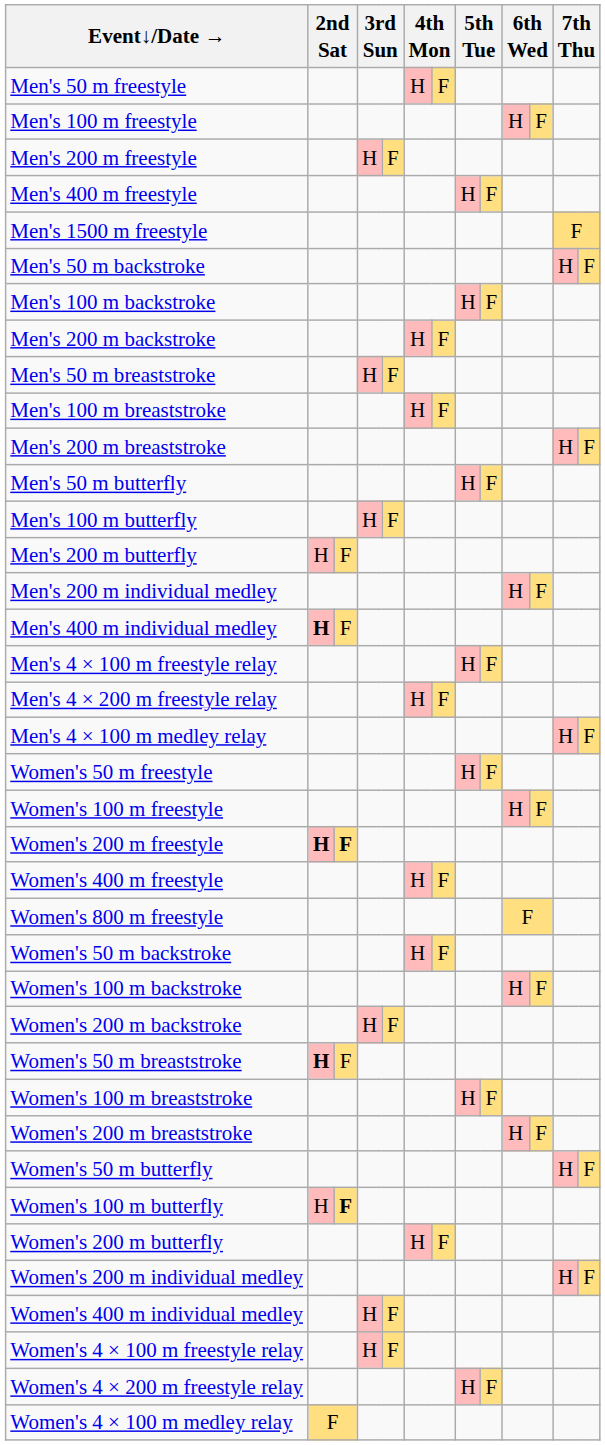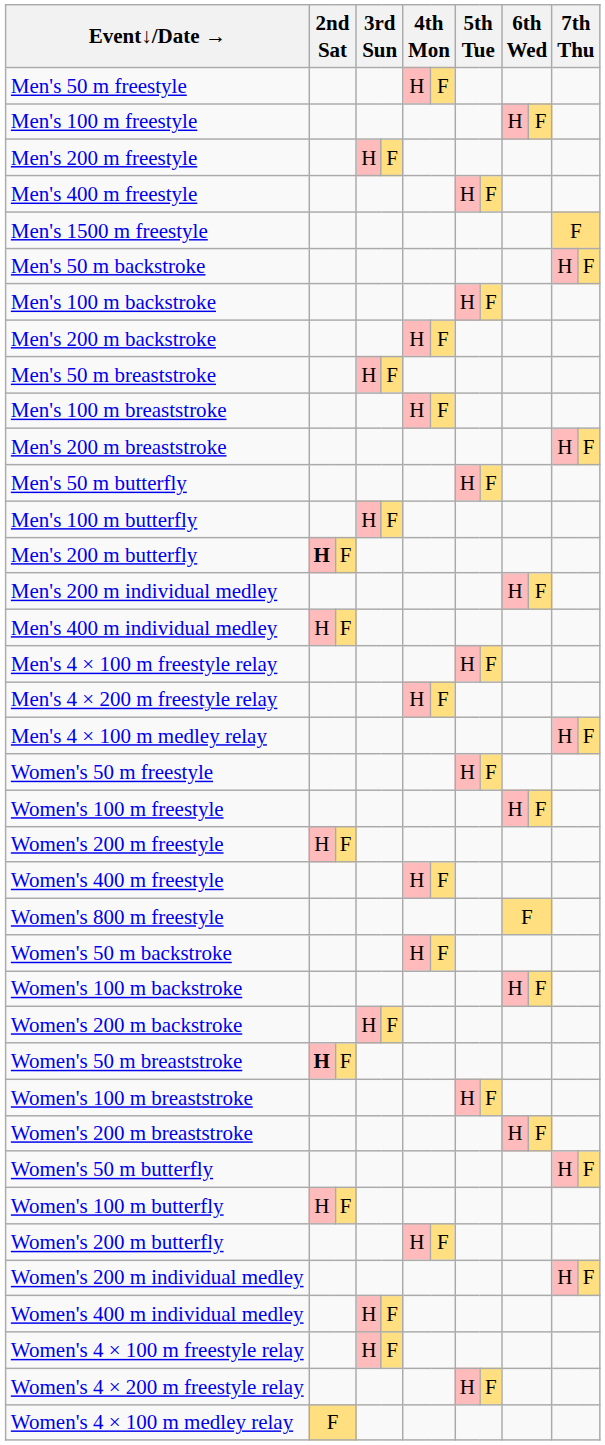 <table class="wikitable" style="margin:0.5em auto; font-size:90%; line-height:1.25em; text-align:center;">
 <tr>
 <th>Event↓/Date →</th>
 <th colspan=2>2nd<br>Sat</th>
 <th colspan=2>3rd<br>Sun</th>
 <th colspan=2>4th<br>Mon</th>
 <th colspan=2>5th<br>Tue</th>
 <th colspan=2>6th<br>Wed</th>
 <th colspan=2>7th<br>Thu</th>
 </tr>
 <tr>
 <td align="left"><a href='#'>Men's 50 m freestyle</a></td>
 <td colspan=2></td>
 <td colspan=2></td>
 <td bgcolor="#FFBBBB">H</td>
 <td bgcolor="#FFDF80">F</td>
 <td colspan=2></td>
 <td colspan=2></td>
 <td colspan=2></td>
 </tr>
 <tr>
 <td align="left"><a href='#'>Men's 100 m freestyle</a></td>
 <td colspan=2></td>
 <td colspan=2></td>
 <td colspan=2></td>
 <td colspan=2></td>
 <td bgcolor="#FFBBBB">H</td>
 <td bgcolor="#FFDF80">F</td>
 <td colspan=2></td>
 </tr>
 <tr>
 <td align="left"><a href='#'>Men's 200 m freestyle</a></td>
 <td colspan=2></td>
 <td bgcolor="#FFBBBB">H</td>
 <td bgcolor="#FFDF80">F</td>
 <td colspan=2></td>
 <td colspan=2></td>
 <td colspan=2></td>
 <td colspan=2></td>
 </tr>
 <tr>
 <td align="left"><a href='#'>Men's 400 m freestyle</a></td>
 <td colspan=2></td>
 <td colspan=2></td>
 <td colspan=2></td>
 <td bgcolor="#FFBBBB">H</td>
 <td bgcolor="#FFDF80">F</td>
 <td colspan=2></td>
 <td colspan=2></td>
 </tr>
 <tr>
 <td align="left"><a href='#'>Men's 1500 m freestyle</a></td>
 <td colspan=2></td>
 <td colspan=2></td>
 <td colspan=2></td>
 <td colspan=2></td>
 <td colspan=2></td>
 <td colspan=2 bgcolor="#FFDF80">F</td>
 </tr>
 <tr>
 <td align="left"><a href='#'>Men's 50 m backstroke</a></td>
 <td colspan=2></td>
 <td colspan=2></td>
 <td colspan=2></td>
 <td colspan=2></td>
 <td colspan=2></td>
 <td bgcolor="#FFBBBB">H</td>
 <td bgcolor="#FFDF80">F</td>
 </tr>
 <tr>
 <td align="left"><a href='#'>Men's 100 m backstroke</a></td>
 <td colspan=2></td>
 <td colspan=2></td>
 <td colspan=2></td>
 <td bgcolor="#FFBBBB">H</td>
 <td bgcolor="#FFDF80">F</td>
 <td colspan=2></td>
 <td colspan=2></td>
 </tr>
 <tr>
 <td align="left"><a href='#'>Men's 200 m backstroke</a></td>
 <td colspan=2></td>
 <td colspan=2></td>
 <td bgcolor="#FFBBBB">H</td>
 <td bgcolor="#FFDF80">F</td>
 <td colspan=2></td>
 <td colspan=2></td>
 <td colspan=2></td>
 </tr>
 <tr>
 <td align="left"><a href='#'>Men's 50 m breaststroke</a></td>
 <td colspan=2></td>
 <td bgcolor="#FFBBBB">H</td>
 <td bgcolor="#FFDF80">F</td>
 <td colspan=2></td>
 <td colspan=2></td>
 <td colspan=2></td>
 <td colspan=2></td>
 </tr>
 <tr>
 <td align="left"><a href='#'>Men's 100 m breaststroke</a></td>
 <td colspan=2></td>
 <td colspan=2></td>
 <td bgcolor="#FFBBBB">H</td>
 <td bgcolor="#FFDF80">F</td>
 <td colspan=2></td>
 <td colspan=2></td>
 <td colspan=2></td>
 </tr>
 <tr>
 <td align="left"><a href='#'>Men's 200 m breaststroke</a></td>
 <td colspan=2></td>
 <td colspan=2></td>
 <td colspan=2></td>
 <td colspan=2></td>
 <td colspan=2></td>
 <td bgcolor="#FFBBBB">H</td>
 <td bgcolor="#FFDF80">F</td>
 </tr>
 <tr>
 <td align="left"><a href='#'>Men's 50 m butterfly</a></td>
 <td colspan=2></td>
 <td colspan=2></td>
 <td colspan=2></td>
 <td bgcolor="#FFBBBB">H</td>
 <td bgcolor="#FFDF80">F</td>
 <td colspan=2></td>
 <td colspan=2></td>
 </tr>
 <tr>
 <td align="left"><a href='#'>Men's 100 m butterfly</a></td>
 <td colspan=2></td>
 <td bgcolor="#FFBBBB">H</td>
 <td bgcolor="#FFDF80">F</td>
 <td colspan=2></td>
 <td colspan=2></td>
 <td colspan=2></td>
 <td colspan=2></td>
 </tr>
 <tr>
 <td align="left"><a href='#'>Men's 200 m butterfly</a></td>
-<td bgcolor="#FFBBBB">H</td>
+<td bgcolor="#FFBBBB"><strong>H</strong></td>
 <td bgcolor="#FFDF80">F</td>
 <td colspan=2></td>
 <td colspan=2></td>
 <td colspan=2></td>
 <td colspan=2></td>
 <td colspan=2></td>
 </tr>
 <tr>
 <td align="left"><a href='#'>Men's 200 m individual medley</a></td>
 <td colspan=2></td>
 <td colspan=2></td>
 <td colspan=2></td>
 <td colspan=2></td>
 <td bgcolor="#FFBBBB">H</td>
 <td bgcolor="#FFDF80">F</td>
 <td colspan=2></td>
 </tr>
 <tr>
 <td align="left"><a href='#'>Men's 400 m individual medley</a></td>
-<td bgcolor="#FFBBBB"><strong>H</strong></td>
+<td bgcolor="#FFBBBB">H</td>
 <td bgcolor="#FFDF80">F</td>
 <td colspan=2></td>
 <td colspan=2></td>
 <td colspan=2></td>
 <td colspan=2></td>
 <td colspan=2></td>
 </tr>
 <tr>
 <td align="left"><a href='#'>Men's 4 × 100 m freestyle relay</a></td>
 <td colspan=2></td>
 <td colspan=2></td>
 <td colspan=2></td>
 <td bgcolor="#FFBBBB">H</td>
 <td bgcolor="#FFDF80">F</td>
 <td colspan=2></td>
 <td colspan=2></td>
 </tr>
 <tr>
 <td align="left"><a href='#'>Men's 4 × 200 m freestyle relay</a></td>
 <td colspan=2></td>
 <td colspan=2></td>
 <td bgcolor="#FFBBBB">H</td>
 <td bgcolor="#FFDF80">F</td>
 <td colspan=2></td>
 <td colspan=2></td>
 <td colspan=2></td>
 </tr>
 <tr>
 <td align="left"><a href='#'>Men's 4 × 100 m medley relay</a></td>
 <td colspan=2></td>
 <td colspan=2></td>
 <td colspan=2></td>
 <td colspan=2></td>
 <td colspan=2></td>
 <td bgcolor="#FFBBBB">H</td>
 <td bgcolor="#FFDF80">F</td>
 </tr>
 <tr>
 <td align="left"><a href='#'>Women's 50 m freestyle</a></td>
 <td colspan=2></td>
 <td colspan=2></td>
 <td colspan=2></td>
 <td bgcolor="#FFBBBB">H</td>
 <td bgcolor="#FFDF80">F</td>
 <td colspan=2></td>
 <td colspan=2></td>
 </tr>
 <tr>
 <td align="left"><a href='#'>Women's 100 m freestyle</a></td>
 <td colspan=2></td>
 <td colspan=2></td>
 <td colspan=2></td>
 <td colspan=2></td>
 <td bgcolor="#FFBBBB">H</td>
 <td bgcolor="#FFDF80">F</td>
 <td colspan=2></td>
 </tr>
 <tr>
 <td align="left"><a href='#'>Women's 200 m freestyle</a></td>
-<td bgcolor="#FFBBBB"><strong>H</strong></td>
-<td bgcolor="#FFDF80"><strong>F</strong></td>
+<td bgcolor="#FFBBBB">H</td>
+<td bgcolor="#FFDF80">F</td>
 <td colspan=2></td>
 <td colspan=2></td>
 <td colspan=2></td>
 <td colspan=2></td>
 <td colspan=2></td>
 </tr>
 <tr>
 <td align="left"><a href='#'>Women's 400 m freestyle</a></td>
 <td colspan=2></td>
 <td colspan=2></td>
 <td bgcolor="#FFBBBB">H</td>
 <td bgcolor="#FFDF80">F</td>
 <td colspan=2></td>
 <td colspan=2></td>
 <td colspan=2></td>
 </tr>
 <tr>
 <td align="left"><a href='#'>Women's 800 m freestyle</a></td>
 <td colspan=2></td>
 <td colspan=2></td>
 <td colspan=2></td>
 <td colspan=2></td>
 <td colspan=2 bgcolor="#FFDF80">F</td>
 <td colspan=2></td>
 </tr>
 <tr>
 <td align="left"><a href='#'>Women's 50 m backstroke</a></td>
 <td colspan=2></td>
 <td colspan=2></td>
 <td bgcolor="#FFBBBB">H</td>
 <td bgcolor="#FFDF80">F</td>
 <td colspan=2></td>
 <td colspan=2></td>
 <td colspan=2></td>
 </tr>
 <tr>
 <td align="left"><a href='#'>Women's 100 m backstroke</a></td>
 <td colspan=2></td>
 <td colspan=2></td>
 <td colspan=2></td>
 <td colspan=2></td>
 <td bgcolor="#FFBBBB">H</td>
 <td bgcolor="#FFDF80">F</td>
 <td colspan=2></td>
 </tr>
 <tr>
 <td align="left"><a href='#'>Women's 200 m backstroke</a></td>
 <td colspan=2></td>
 <td bgcolor="#FFBBBB">H</td>
 <td bgcolor="#FFDF80">F</td>
 <td colspan=2></td>
 <td colspan=2></td>
 <td colspan=2></td>
 <td colspan=2></td>
 </tr>
 <tr>
 <td align="left"><a href='#'>Women's 50 m breaststroke</a></td>
 <td bgcolor="#FFBBBB"><strong>H</strong></td>
 <td bgcolor="#FFDF80">F</td>
 <td colspan=2></td>
 <td colspan=2></td>
 <td colspan=2></td>
 <td colspan=2></td>
 <td colspan=2></td>
 </tr>
 <tr>
 <td align="left"><a href='#'>Women's 100 m breaststroke</a></td>
 <td colspan=2></td>
 <td colspan=2></td>
 <td colspan=2></td>
 <td bgcolor="#FFBBBB">H</td>
 <td bgcolor="#FFDF80">F</td>
 <td colspan=2></td>
 <td colspan=2></td>
 </tr>
 <tr>
 <td align="left"><a href='#'>Women's 200 m breaststroke</a></td>
 <td colspan=2></td>
 <td colspan=2></td>
 <td colspan=2></td>
 <td colspan=2></td>
 <td bgcolor="#FFBBBB">H</td>
 <td bgcolor="#FFDF80">F</td>
 <td colspan=2></td>
 </tr>
 <tr>
 <td align="left"><a href='#'>Women's 50 m butterfly</a></td>
 <td colspan=2></td>
 <td colspan=2></td>
 <td colspan=2></td>
 <td colspan=2></td>
 <td colspan=2></td>
 <td bgcolor="#FFBBBB">H</td>
 <td bgcolor="#FFDF80">F</td>
 </tr>
 <tr>
 <td align="left"><a href='#'>Women's 100 m butterfly</a></td>
 <td bgcolor="#FFBBBB">H</td>
-<td bgcolor="#FFDF80"><strong>F</strong></td>
+<td bgcolor="#FFDF80">F</td>
 <td colspan=2></td>
 <td colspan=2></td>
 <td colspan=2></td>
 <td colspan=2></td>
 <td colspan=2></td>
 </tr>
 <tr>
 <td align="left"><a href='#'>Women's 200 m butterfly</a></td>
 <td colspan=2></td>
 <td colspan=2></td>
 <td bgcolor="#FFBBBB">H</td>
 <td bgcolor="#FFDF80">F</td>
 <td colspan=2></td>
 <td colspan=2></td>
 <td colspan=2></td>
 </tr>
 <tr>
 <td align="left"><a href='#'>Women's 200 m individual medley</a></td>
 <td colspan=2></td>
 <td colspan=2></td>
 <td colspan=2></td>
 <td colspan=2></td>
 <td colspan=2></td>
 <td bgcolor="#FFBBBB">H</td>
 <td bgcolor="#FFDF80">F</td>
 </tr>
 <tr>
 <td align="left"><a href='#'>Women's 400 m individual medley</a></td>
 <td colspan=2></td>
 <td bgcolor="#FFBBBB">H</td>
 <td bgcolor="#FFDF80">F</td>
 <td colspan=2></td>
 <td colspan=2></td>
 <td colspan=2></td>
 <td colspan=2></td>
 </tr>
 <tr>
 <td align="left"><a href='#'>Women's 4 × 100 m freestyle relay</a></td>
 <td colspan=2></td>
 <td bgcolor="#FFBBBB">H</td>
 <td bgcolor="#FFDF80">F</td>
 <td colspan=2></td>
 <td colspan=2></td>
 <td colspan=2></td>
 <td colspan=2></td>
 </tr>
 <tr>
 <td align="left"><a href='#'>Women's 4 × 200 m freestyle relay</a></td>
 <td colspan=2></td>
 <td colspan=2></td>
 <td colspan=2></td>
 <td bgcolor="#FFBBBB">H</td>
 <td bgcolor="#FFDF80">F</td>
 <td colspan=2></td>
 <td colspan=2></td>
 </tr>
 <tr>
 <td align="left"><a href='#'>Women's 4 × 100 m medley relay</a></td>
 <td colspan=2 bgcolor="#FFDF80">F</td>
 <td colspan=2></td>
 <td colspan=2></td>
 <td colspan=2></td>
 <td colspan=2></td>
 <td colspan=2></td>
 </tr>
 </table>
